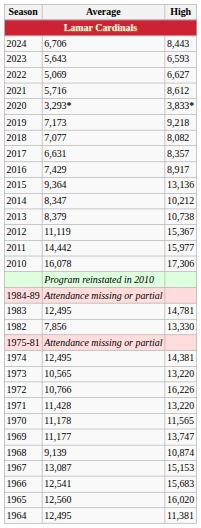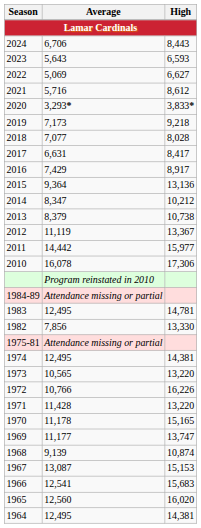 <table class="wikitable">
 <tr>
 <th>Season</th>
 <th>Average</th>
 <th>High</th>
 </tr>
 <tr>
 </tr>
 <tr>
 <td align="center" Colspan="3" style="background:#CC2233; color:white; text-shadow:1px 1px 2px #DE7008"><span><strong>Lamar Cardinals</strong></span></td>
 </tr>
 <tr>
 <td>2024</td>
 <td>6,706</td>
 <td>8,443</td>
 </tr>
 <tr>
 <td>2023</td>
 <td>5,643</td>
 <td>6,593</td>
 </tr>
 <tr>
 <td>2022</td>
 <td>5,069</td>
 <td>6,627</td>
 </tr>
 <tr>
 <td>2021</td>
 <td>5,716</td>
 <td>8,612</td>
 </tr>
 <tr>
 <td>2020</td>
 <td>3,293<strong>*</strong></td>
 <td>3,833<strong>*</strong></td>
 </tr>
 <tr>
 <td>2019</td>
 <td>7,173</td>
 <td>9,218</td>
 </tr>
 <tr>
 <td>2018</td>
 <td>7,077</td>
-<td>8,082</td>
+<td>8,028</td>
 </tr>
 <tr>
 <td>2017</td>
 <td>6,631</td>
-<td>8,357</td>
+<td>8,417</td>
 </tr>
 <tr>
 <td>2016</td>
 <td>7,429</td>
 <td>8,917</td>
 </tr>
 <tr>
 <td>2015</td>
 <td>9,364</td>
 <td>13,136</td>
 </tr>
 <tr>
 <td>2014</td>
 <td>8,347</td>
 <td>10,212</td>
 </tr>
 <tr>
 <td>2013</td>
 <td>8,379</td>
 <td>10,738</td>
 </tr>
 <tr>
 <td>2012</td>
 <td>11,119</td>
-<td>15,367</td>
+<td>13,367</td>
 </tr>
 <tr>
 <td>2011</td>
 <td>14,442</td>
 <td>15,977</td>
 </tr>
 <tr>
 <td>2010</td>
 <td>16,078</td>
 <td>17,306</td>
 </tr>
 <tr bgcolor=#ddffdd>
 <td></td>
 <td><em>Program reinstated in 2010</em></td>
 <td></td>
 </tr>
 <tr bgcolor=#ffdddd>
 <td>1984-89</td>
 <td><em>Attendance missing or partial</em></td>
 <td></td>
 </tr>
 <tr>
 <td>1983</td>
 <td>12,495</td>
 <td>14,781</td>
 </tr>
 <tr>
 <td>1982</td>
 <td>7,856</td>
 <td>13,330</td>
 </tr>
 <tr bgcolor=#ffdddd>
 <td>1975-81</td>
 <td><em>Attendance missing or partial</em></td>
 <td></td>
 </tr>
 <tr>
 <td>1974</td>
 <td>12,495</td>
 <td>14,381</td>
 </tr>
 <tr>
 <td>1973</td>
 <td>10,565</td>
 <td>13,220</td>
 </tr>
 <tr>
 <td>1972</td>
 <td>10,766</td>
 <td>16,226</td>
 </tr>
 <tr>
 <td>1971</td>
 <td>11,428</td>
 <td>13,220</td>
 </tr>
 <tr>
 <td>1970</td>
 <td>11,178</td>
-<td>11,565</td>
+<td>15,165</td>
 </tr>
 <tr>
 <td>1969</td>
 <td>11,177</td>
 <td>13,747</td>
 </tr>
 <tr>
 <td>1968</td>
 <td>9,139</td>
 <td>10,874</td>
 </tr>
 <tr>
 <td>1967</td>
 <td>13,087</td>
 <td>15,153</td>
 </tr>
 <tr>
 <td>1966</td>
 <td>12,541</td>
 <td>15,683</td>
 </tr>
 <tr>
 <td>1965</td>
 <td>12,560</td>
 <td>16,020</td>
 </tr>
 <tr>
 <td>1964</td>
 <td>12,495</td>
-<td>11,381</td>
+<td>14,381</td>
 </tr>
 </table>
